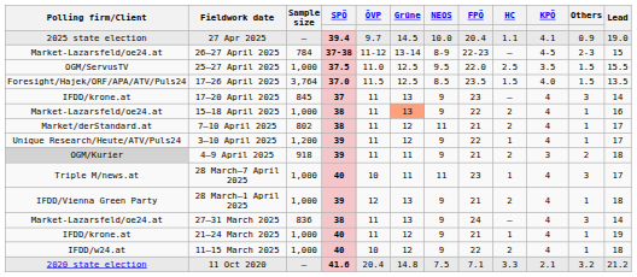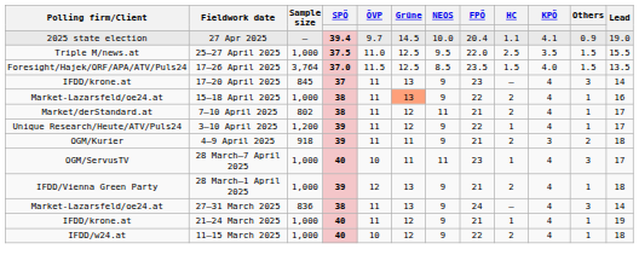 <table class="wikitable sortable" style="text-align:center;font-size:90%;line-height:14px;">
 <tr>
 <th rowspan="2" style="width:150px;">Polling firm/Client</th>
 <th rowspan="2" style="width:125px;">Fieldwork date</th>
 <th rowspan="2" style="width:35px;">Sample<br>size</th>
 <th class="unsortable" style="width:40px;"><a href='#'>SPÖ</a></th>
 <th class="unsortable" style="width:40px;"><a href='#'>ÖVP</a></th>
 <th class="unsortable" style="width:40px;"><a href='#'>Grüne</a></th>
 <th class="unsortable" style="width:40px;"><a href='#'>NEOS</a></th>
 <th class="unsortable" style="width:40px;"><a href='#'>FPÖ</a></th>
 <th class="unsortable" style="width:40px;"><a href='#'>HC</a></th>
 <th class="unsortable" style="width:50px;"><a href='#'>KPÖ</a></th>
 <th class="unsortable" style="width:40px;">Others</th>
 <th rowspan="2" style="width:30px;">Lead</th>
 </tr>
 <tr>
 <th style="background:"></th>
 <th style="background:"></th>
 <th style="background:"></th>
 <th style="background:"></th>
 <th style="background:"></th>
 <th style="background:"></th>
 <th style="background:"></th>
 <th style="background:"></th>
 </tr>
 <tr style="background:#E9E9E9;">
 <td>2025 state election</td>
 <td data-sort-value="2015-10-11">27 Apr 2025</td>
 <td>–</td>
 <td style="background:#F4C6C9;"><strong>39.4</strong></td>
 <td>9.7</td>
 <td>14.5</td>
 <td>10.0</td>
 <td>20.4</td>
 <td>1.1</td>
 <td>4.1</td>
 <td>0.9</td>
 <td style="background:">19.0</td>
 </tr>
 <tr>
-<td>Market-Lazarsfeld/oe24.at</td>
-<td>26–27 April 2025</td>
-<td>784</td>
-<td style="background:#F4C6C9;"><strong>37-38</strong></td>
-<td>11-12</td>
-<td>13-14</td>
-<td>8-9</td>
-<td>22-23</td>
-<td>–</td>
-<td>4-5</td>
-<td>2-3</td>
-<td style="background:">15</td>
-</tr>
-<tr>
-<td>OGM/ServusTV</td>
+<td>Triple M/news.at</td>
 <td>25–27 April 2025</td>
 <td>1,000</td>
 <td style="background:#F4C6C9;"><strong>37.5</strong></td>
 <td>11.0</td>
 <td>12.5</td>
 <td>9.5</td>
 <td>22.0</td>
 <td>2.5</td>
 <td>3.5</td>
 <td>1.5</td>
 <td style="background:">15.5</td>
 </tr>
 <tr>
 <td>Foresight/Hajek/ORF/APA/ATV/Puls24</td>
 <td>17–26 April 2025</td>
 <td>3,764</td>
 <td style="background:#F4C6C9;"><strong>37.0</strong></td>
 <td>11.5</td>
 <td>12.5</td>
 <td>8.5</td>
 <td>23.5</td>
 <td>1.5</td>
 <td>4.0</td>
 <td>1.5</td>
 <td style="background:">13.5</td>
 </tr>
 <tr>
 <td>IFDD/krone.at</td>
 <td>17–20 April 2025</td>
 <td>845</td>
 <td style="background:#F4C6C9;"><strong>37</strong></td>
 <td>11</td>
 <td>13</td>
 <td>9</td>
 <td>23</td>
 <td>–</td>
 <td>4</td>
 <td>3</td>
 <td style="background:">14</td>
 </tr>
 <tr>
 <td>Market-Lazarsfeld/oe24.at</td>
 <td>15–18 April 2025</td>
 <td>1,000</td>
 <td style="background:#F4C6C9;"><strong>38</strong></td>
 <td>11</td>
 <td style="background: lightsalmon;">13</td>
 <td>9</td>
 <td>22</td>
 <td>2</td>
 <td>4</td>
 <td>1</td>
 <td style="background:">16</td>
 </tr>
 <tr>
 <td>Market/derStandard.at</td>
 <td>7–10 April 2025</td>
 <td>802</td>
 <td style="background:#F4C6C9;"><strong>38</strong></td>
 <td>11</td>
 <td>12</td>
 <td>11</td>
 <td>21</td>
 <td>2</td>
 <td>4</td>
 <td>1</td>
 <td style="background:">17</td>
 </tr>
 <tr>
 <td>Unique Research/Heute/ATV/Puls24</td>
 <td>3–10 April 2025</td>
 <td>1,200</td>
 <td style="background:#F4C6C9;"><strong>39</strong></td>
 <td>11</td>
 <td>12</td>
 <td>9</td>
 <td>22</td>
 <td>1</td>
 <td>4</td>
 <td>1</td>
 <td style="background:">17</td>
 </tr>
 <tr>
-<td style="background: lightgrey;">OGM/Kurier</td>
+<td>OGM/Kurier</td>
 <td>4–9 April 2025</td>
 <td>918</td>
 <td style="background:#F4C6C9;"><strong>39</strong></td>
 <td>11</td>
 <td>11</td>
 <td>9</td>
 <td>21</td>
 <td>2</td>
 <td>3</td>
 <td>2</td>
 <td style="background:">18</td>
 </tr>
 <tr>
-<td>Triple M/news.at</td>
+<td>OGM/ServusTV</td>
 <td>28 March–7 April 2025</td>
 <td>1,000</td>
 <td style="background:#F4C6C9;"><strong>40</strong></td>
 <td>10</td>
 <td>11</td>
 <td>11</td>
 <td>23</td>
 <td>1</td>
 <td>4</td>
 <td>3</td>
 <td style="background:">17</td>
 </tr>
 <tr>
 <td>IFDD/Vienna Green Party</td>
 <td>28 March–1 April 2025</td>
 <td>1,000</td>
 <td style="background:#F4C6C9;"><strong>39</strong></td>
 <td>12</td>
 <td>13</td>
 <td>9</td>
 <td>21</td>
 <td>2</td>
 <td>4</td>
 <td>1</td>
 <td style="background:">18</td>
 </tr>
 <tr>
 <td>Market-Lazarsfeld/oe24.at</td>
 <td>27–31 March 2025</td>
 <td>836</td>
 <td style="background:#F4C6C9;"><strong>38</strong></td>
 <td>11</td>
 <td>13</td>
 <td>9</td>
 <td>24</td>
 <td>–</td>
 <td>4</td>
 <td>3</td>
 <td style="background:">14</td>
 </tr>
 <tr>
 <td>IFDD/krone.at</td>
 <td>21–24 March 2025</td>
 <td>1,000</td>
 <td style="background:#F4C6C9;"><strong>40</strong></td>
 <td>11</td>
 <td>12</td>
 <td>9</td>
 <td>21</td>
 <td>1</td>
 <td>4</td>
 <td>1</td>
 <td style="background:">19</td>
 </tr>
 <tr>
 <td>IFDD/w24.at</td>
 <td>11–15 March 2025</td>
 <td>1,000</td>
 <td style="background:#F4C6C9;"><strong>40</strong></td>
 <td>10</td>
 <td>12</td>
 <td>9</td>
 <td>22</td>
 <td>2</td>
 <td>4</td>
 <td>1</td>
 <td style="background:">18</td>
 </tr>
-<tr style="background:#E9E9E9;">
-<td><a href='#'>2020 state election</a></td>
-<td data-sort-value="2015-10-11">11 Oct 2020</td>
-<td>–</td>
-<td style="background:#F4C6C9;"><strong>41.6</strong></td>
-<td>20.4</td>
-<td>14.8</td>
-<td>7.5</td>
-<td>7.1</td>
-<td>3.3</td>
-<td>2.1</td>
-<td>3.2</td>
-<td style="background:">21.2</td>
-</tr>
 </table>
